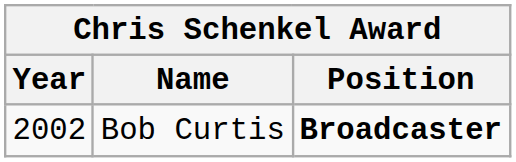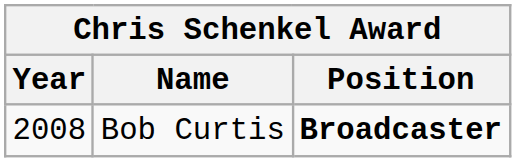 <table class="wikitable">
 <tr align="center">
 <th colspan=5>Chris Schenkel Award</th>
 </tr>
 <tr>
 <th>Year</th>
 <th>Name</th>
 <th>Position</th>
 </tr>
 <tr align="center" bgcolor="">
-<td>2002</td>
+<td>2008</td>
 <td>Bob Curtis</td>
 <td><strong>Broadcaster</strong></td>
 </tr>
 </table>
